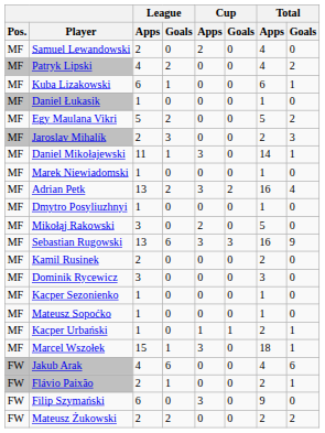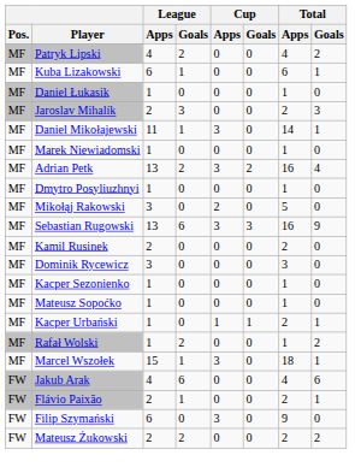 <table class="wikitable" style="display: inline-table;">
 <tr>
 <th colspan="2"></th>
 <th colspan="2">League</th>
 <th colspan="2">Cup</th>
 <th colspan="2">Total</th>
 </tr>
 <tr>
 <th>Pos.</th>
 <th>Player</th>
 <th>Apps</th>
 <th>Goals</th>
 <th>Apps</th>
 <th>Goals</th>
 <th>Apps</th>
 <th>Goals</th>
-</tr>
-<tr>
-<td>MF</td>
-<td><a href='#'>Samuel Lewandowski</a></td>
-<td>2</td>
-<td>0</td>
-<td>2</td>
-<td>0</td>
-<td>4</td>
-<td>0</td>
 </tr>
 <tr>
 <td bgcolor=silver >MF</td>
 <td bgcolor=silver ><a href='#'>Patryk Lipski</a></td>
 <td>4</td>
 <td>2</td>
 <td>0</td>
 <td>0</td>
 <td>4</td>
 <td>2</td>
 </tr>
 <tr>
 <td>MF</td>
 <td><a href='#'>Kuba Lizakowski</a></td>
 <td>6</td>
 <td>1</td>
 <td>0</td>
 <td>0</td>
 <td>6</td>
 <td>1</td>
 </tr>
 <tr>
 <td bgcolor=silver >MF</td>
 <td bgcolor=silver ><a href='#'>Daniel Łukasik</a></td>
 <td>1</td>
 <td>0</td>
 <td>0</td>
 <td>0</td>
 <td>1</td>
 <td>0</td>
-</tr>
-<tr>
-<td>MF</td>
-<td><a href='#'>Egy Maulana Vikri</a></td>
-<td>5</td>
-<td>2</td>
-<td>0</td>
-<td>0</td>
-<td>5</td>
-<td>2</td>
 </tr>
 <tr>
 <td bgcolor=silver >MF</td>
 <td bgcolor=silver ><a href='#'>Jaroslav Mihalík</a></td>
 <td>2</td>
 <td>3</td>
 <td>0</td>
 <td>0</td>
 <td>2</td>
 <td>3</td>
 </tr>
 <tr>
 <td>MF</td>
 <td><a href='#'>Daniel Mikołajewski</a></td>
 <td>11</td>
 <td>1</td>
 <td>3</td>
 <td>0</td>
 <td>14</td>
 <td>1</td>
 </tr>
 <tr>
 <td>MF</td>
 <td><a href='#'>Marek Niewiadomski</a></td>
 <td>1</td>
 <td>0</td>
 <td>0</td>
 <td>0</td>
 <td>1</td>
 <td>0</td>
 </tr>
 <tr>
 <td>MF</td>
 <td><a href='#'>Adrian Petk</a></td>
 <td>13</td>
 <td>2</td>
 <td>3</td>
 <td>2</td>
 <td>16</td>
 <td>4</td>
 </tr>
 <tr>
 <td>MF</td>
 <td><a href='#'>Dmytro Posyliuzhnyi</a></td>
 <td>1</td>
 <td>0</td>
 <td>0</td>
 <td>0</td>
 <td>1</td>
 <td>0</td>
 </tr>
 <tr>
 <td>MF</td>
 <td><a href='#'>Mikołąj Rakowski</a></td>
 <td>3</td>
 <td>0</td>
 <td>2</td>
 <td>0</td>
 <td>5</td>
 <td>0</td>
 </tr>
 <tr>
 <td>MF</td>
 <td><a href='#'>Sebastian Rugowski</a></td>
 <td>13</td>
 <td>6</td>
 <td>3</td>
 <td>3</td>
 <td>16</td>
 <td>9</td>
 </tr>
 <tr>
 <td>MF</td>
 <td><a href='#'>Kamil Rusinek</a></td>
 <td>2</td>
 <td>0</td>
 <td>0</td>
 <td>0</td>
 <td>2</td>
 <td>0</td>
 </tr>
 <tr>
 <td>MF</td>
 <td><a href='#'>Dominik Rycewicz</a></td>
 <td>3</td>
 <td>0</td>
 <td>0</td>
 <td>0</td>
 <td>3</td>
 <td>0</td>
 </tr>
 <tr>
 <td>MF</td>
 <td><a href='#'>Kacper Sezonienko</a></td>
 <td>1</td>
 <td>0</td>
 <td>0</td>
 <td>0</td>
 <td>1</td>
 <td>0</td>
 </tr>
 <tr>
 <td>MF</td>
 <td><a href='#'>Mateusz Sopoćko</a></td>
 <td>1</td>
 <td>0</td>
 <td>0</td>
 <td>0</td>
 <td>1</td>
 <td>0</td>
 </tr>
 <tr>
 <td>MF</td>
 <td><a href='#'>Kacper Urbański</a></td>
 <td>1</td>
 <td>0</td>
 <td>1</td>
 <td>1</td>
 <td>2</td>
 <td>1</td>
 </tr>
 <tr>
+<td bgcolor=silver >MF</td>
+<td bgcolor=silver ><a href='#'>Rafał Wolski</a></td>
+<td>1</td>
+<td>2</td>
+<td>0</td>
+<td>0</td>
+<td>1</td>
+<td>2</td>
+</tr>
+<tr>
 <td>MF</td>
 <td><a href='#'>Marcel Wszołek</a></td>
 <td>15</td>
 <td>1</td>
 <td>3</td>
 <td>0</td>
 <td>18</td>
 <td>1</td>
 </tr>
 <tr>
 <td bgcolor=silver >FW</td>
 <td bgcolor=silver ><a href='#'>Jakub Arak</a></td>
 <td>4</td>
 <td>6</td>
 <td>0</td>
 <td>0</td>
 <td>4</td>
 <td>6</td>
 </tr>
 <tr>
 <td bgcolor=silver >FW</td>
 <td bgcolor=silver ><a href='#'>Flávio Paixão</a></td>
 <td>2</td>
 <td>1</td>
 <td>0</td>
 <td>0</td>
 <td>2</td>
 <td>1</td>
 </tr>
 <tr>
 <td>FW</td>
 <td><a href='#'>Filip Szymański</a></td>
 <td>6</td>
 <td>0</td>
 <td>3</td>
 <td>0</td>
 <td>9</td>
 <td>0</td>
 </tr>
 <tr>
 <td>FW</td>
 <td><a href='#'>Mateusz Żukowski</a></td>
 <td>2</td>
 <td>2</td>
 <td>0</td>
 <td>0</td>
 <td>2</td>
 <td>2</td>
 </tr>
 </table>
